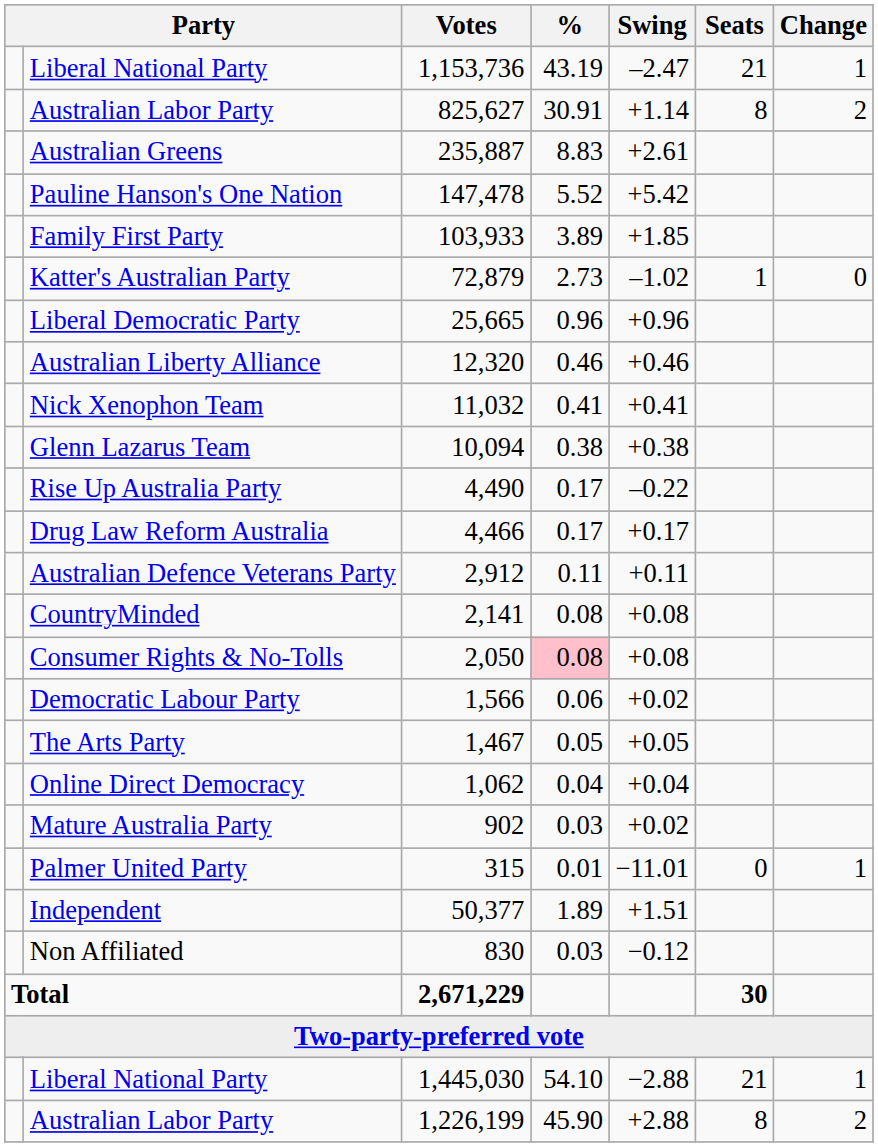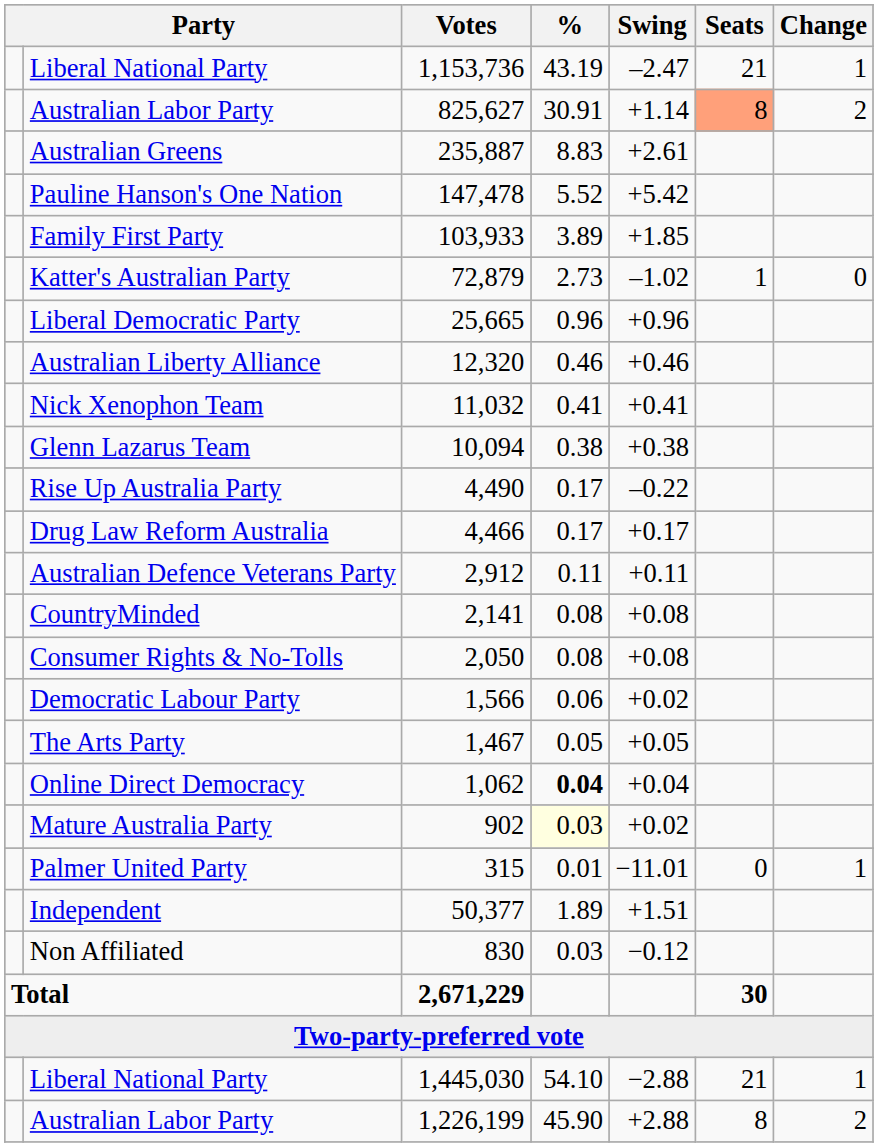 <table class="wikitable">
 <tr>
 <th colspan="2" style="width:200px"><strong>Party</strong></th>
 <th style="width:70px; text-align:center;"><strong>Votes</strong></th>
 <th style="width:40px; text-align:center;"><strong>%</strong></th>
 <th style="width:40px; text-align:center;"><strong>Swing</strong></th>
 <th style="width:40px; text-align:center;"><strong>Seats</strong></th>
 <th style="width:40px; text-align:center;"><strong>Change</strong></th>
 </tr>
 <tr>
 <td> </td>
 <td><a href='#'>Liberal National Party</a></td>
 <td align=right>1,153,736</td>
 <td align=right>43.19</td>
 <td align=right>–2.47</td>
 <td align=right>21</td>
 <td align=right> 1</td>
 </tr>
 <tr>
 <td> </td>
 <td><a href='#'>Australian Labor Party</a></td>
 <td align=right>825,627</td>
 <td align=right>30.91</td>
 <td align=right>+1.14</td>
-<td align=right>8</td>
+<td align=right style="background: lightsalmon;">8</td>
 <td align=right> 2</td>
 </tr>
 <tr>
 <td> </td>
 <td><a href='#'>Australian Greens</a></td>
 <td align=right>235,887</td>
 <td align=right>8.83</td>
 <td align=right>+2.61</td>
 <td align=right></td>
 <td align=right></td>
 </tr>
 <tr>
 <td> </td>
 <td><a href='#'>Pauline Hanson's One Nation</a></td>
 <td align=right>147,478</td>
 <td align=right>5.52</td>
 <td align=right>+5.42</td>
 <td align=right></td>
 <td align=right></td>
 </tr>
 <tr>
 <td> </td>
 <td><a href='#'>Family First Party</a></td>
 <td align=right>103,933</td>
 <td align=right>3.89</td>
 <td align=right>+1.85</td>
 <td align=right></td>
 <td align=right></td>
 </tr>
 <tr>
 <td> </td>
 <td><a href='#'>Katter's Australian Party</a></td>
 <td align=right>72,879</td>
 <td align=right>2.73</td>
 <td align=right>–1.02</td>
 <td align=right>1</td>
 <td align=right>0</td>
 </tr>
 <tr>
 <td> </td>
 <td><a href='#'>Liberal Democratic Party</a></td>
 <td align=right>25,665</td>
 <td align=right>0.96</td>
 <td align=right>+0.96</td>
 <td align=right></td>
 <td align=right></td>
 </tr>
 <tr>
 <td> </td>
 <td><a href='#'>Australian Liberty Alliance</a></td>
 <td align=right>12,320</td>
 <td align=right>0.46</td>
 <td align=right>+0.46</td>
 <td align=right></td>
 <td align=right></td>
 </tr>
 <tr>
 <td> </td>
 <td><a href='#'>Nick Xenophon Team</a></td>
 <td align=right>11,032</td>
 <td align=right>0.41</td>
 <td align=right>+0.41</td>
 <td align=right></td>
 <td align=right></td>
 </tr>
 <tr>
 <td> </td>
 <td><a href='#'>Glenn Lazarus Team</a></td>
 <td align=right>10,094</td>
 <td align=right>0.38</td>
 <td align=right>+0.38</td>
 <td align=right></td>
 <td align=right></td>
 </tr>
 <tr>
 <td> </td>
 <td><a href='#'>Rise Up Australia Party</a></td>
 <td align=right>4,490</td>
 <td align=right>0.17</td>
 <td align=right>–0.22</td>
 <td align=right></td>
 <td align=right></td>
 </tr>
 <tr>
 <td> </td>
 <td><a href='#'>Drug Law Reform Australia</a></td>
 <td align=right>4,466</td>
 <td align=right>0.17</td>
 <td align=right>+0.17</td>
 <td align=right></td>
 <td align=right></td>
 </tr>
 <tr>
 <td> </td>
 <td><a href='#'>Australian Defence Veterans Party</a></td>
 <td align=right>2,912</td>
 <td align=right>0.11</td>
 <td align=right>+0.11</td>
 <td align=right></td>
 <td align=right></td>
 </tr>
 <tr>
 <td> </td>
 <td><a href='#'>CountryMinded</a></td>
 <td align=right>2,141</td>
 <td align=right>0.08</td>
 <td align=right>+0.08</td>
 <td align=right></td>
 <td align=right></td>
 </tr>
 <tr>
 <td> </td>
 <td><a href='#'>Consumer Rights & No-Tolls</a></td>
 <td align=right>2,050</td>
-<td align=right style="background: pink;">0.08</td>
+<td align=right>0.08</td>
 <td align=right>+0.08</td>
 <td align=right></td>
 <td align=right></td>
 </tr>
 <tr>
 <td> </td>
 <td><a href='#'>Democratic Labour Party</a></td>
 <td align=right>1,566</td>
 <td align=right>0.06</td>
 <td align=right>+0.02</td>
 <td align=right></td>
 <td align=right></td>
 </tr>
 <tr>
 <td> </td>
 <td><a href='#'>The Arts Party</a></td>
 <td align=right>1,467</td>
 <td align=right>0.05</td>
 <td align=right>+0.05</td>
 <td align=right></td>
 <td align=right></td>
 </tr>
 <tr>
 <td> </td>
 <td><a href='#'>Online Direct Democracy</a></td>
 <td align=right>1,062</td>
-<td align=right>0.04</td>
+<td align=right><strong>0.04</strong></td>
 <td align=right>+0.04</td>
 <td align=right></td>
 <td align=right></td>
 </tr>
 <tr>
 <td> </td>
 <td><a href='#'>Mature Australia Party</a></td>
 <td align=right>902</td>
-<td align=right>0.03</td>
+<td align=right style="background: lightyellow;">0.03</td>
 <td align=right>+0.02</td>
 <td align=right></td>
 <td align=right></td>
 </tr>
 <tr>
 <td> </td>
 <td><a href='#'>Palmer United Party</a></td>
 <td align=right>315</td>
 <td align=right>0.01</td>
 <td align=right>−11.01</td>
 <td align=right>0</td>
 <td align=right> 1</td>
 </tr>
 <tr>
 <td> </td>
 <td><a href='#'>Independent</a></td>
 <td align=right>50,377</td>
 <td align=right>1.89</td>
 <td align=right>+1.51</td>
 <td align=right></td>
 <td align=right></td>
 </tr>
 <tr>
 <td> </td>
 <td>Non Affiliated</td>
 <td align=right>830</td>
 <td align=right>0.03</td>
 <td align=right>−0.12</td>
 <td align=right></td>
 <td align=right></td>
 </tr>
 <tr>
 <td colspan="2"><strong>Total</strong></td>
 <td align="right"><strong>2,671,229</strong></td>
 <td align="right"><strong> </strong></td>
 <td align="right"><strong> </strong></td>
 <td align=right><strong>30</strong></td>
 <td align=right></td>
 </tr>
 <tr>
 <td colspan="7" style="text-align:center; background:#eee;"><strong><a href='#'>Two-party-preferred vote</a></strong></td>
 </tr>
 <tr>
 <td> </td>
 <td><a href='#'>Liberal National Party</a></td>
 <td align=right>1,445,030</td>
 <td align=right>54.10</td>
 <td align=right>−2.88</td>
 <td align=right>21</td>
 <td align=right> 1</td>
 </tr>
 <tr>
 <td> </td>
 <td><a href='#'>Australian Labor Party</a></td>
 <td align=right>1,226,199</td>
 <td align=right>45.90</td>
 <td align=right>+2.88</td>
 <td align=right>8</td>
 <td align=right> 2</td>
 </tr>
 </table>
